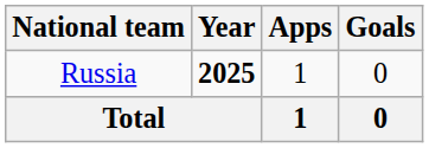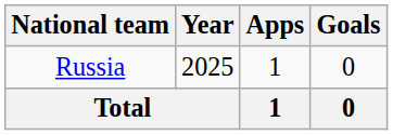 <table class=wikitable style=text-align:center>
 <tr>
 <th>National team</th>
 <th>Year</th>
 <th>Apps</th>
 <th>Goals</th>
 </tr>
 <tr>
 <td rowspan="1"><a href='#'>Russia</a></td>
-<td><strong>2025</strong></td>
+<td>2025</td>
 <td>1</td>
 <td>0</td>
 </tr>
 <tr>
 <th colspan="2">Total</th>
 <th>1</th>
 <th>0</th>
 </tr>
 </table>
